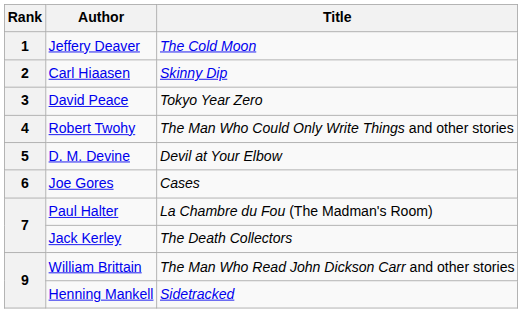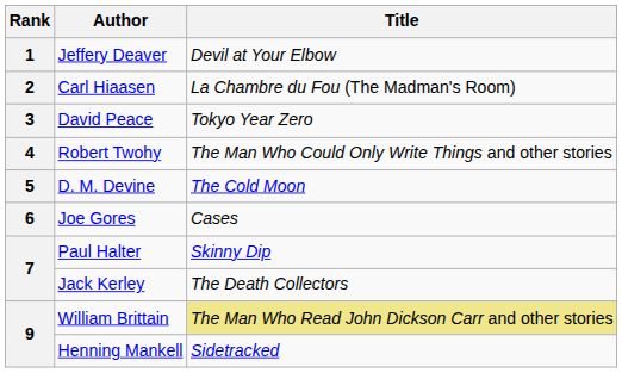 <table class="wikitable sortable" style="font-size:1.00em; line-height:1.5em;">
 <tr>
 <th>Rank</th>
 <th>Author</th>
 <th>Title</th>
 </tr>
 <tr>
 <th>1</th>
 <td><a href='#'>Jeffery Deaver</a></td>
-<td><em><a href='#'>The Cold Moon</a></em></td>
+<td><em>Devil at Your Elbow</em></td>
 </tr>
 <tr>
 <th>2</th>
 <td><a href='#'>Carl Hiaasen</a></td>
-<td><em><a href='#'>Skinny Dip</a></em></td>
+<td><em>La Chambre du Fou</em> (The Madman's Room)</td>
 </tr>
 <tr>
 <th>3</th>
 <td><a href='#'>David Peace</a></td>
 <td><em>Tokyo Year Zero</em></td>
 </tr>
 <tr>
 <th>4</th>
 <td><a href='#'>Robert Twohy</a></td>
 <td><em>The Man Who Could Only Write Things</em> and other stories</td>
 </tr>
 <tr>
 <th>5</th>
 <td><a href='#'>D. M. Devine</a></td>
-<td><em>Devil at Your Elbow</em></td>
+<td><em><a href='#'>The Cold Moon</a></em></td>
 </tr>
 <tr>
 <th>6</th>
 <td><a href='#'>Joe Gores</a></td>
 <td><em>Cases</em></td>
 </tr>
 <tr>
 <th rowspan="2">7</th>
 <td><a href='#'>Paul Halter</a></td>
-<td><em>La Chambre du Fou</em> (The Madman's Room)</td>
+<td><em><a href='#'>Skinny Dip</a></em></td>
 </tr>
 <tr>
 <td><a href='#'>Jack Kerley</a></td>
 <td><em>The Death Collectors</em></td>
 </tr>
 <tr>
 <th rowspan="2">9</th>
 <td><a href='#'>William Brittain</a></td>
-<td><em>The Man Who Read John Dickson Carr</em> and other stories</td>
+<td style="background: khaki;"><em>The Man Who Read John Dickson Carr</em> and other stories</td>
 </tr>
 <tr>
 <td><a href='#'>Henning Mankell</a></td>
 <td><em><a href='#'>Sidetracked</a></em></td>
 </tr>
 </table>
